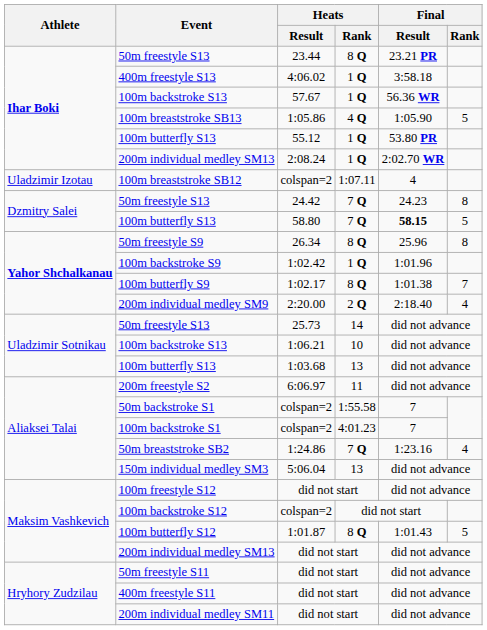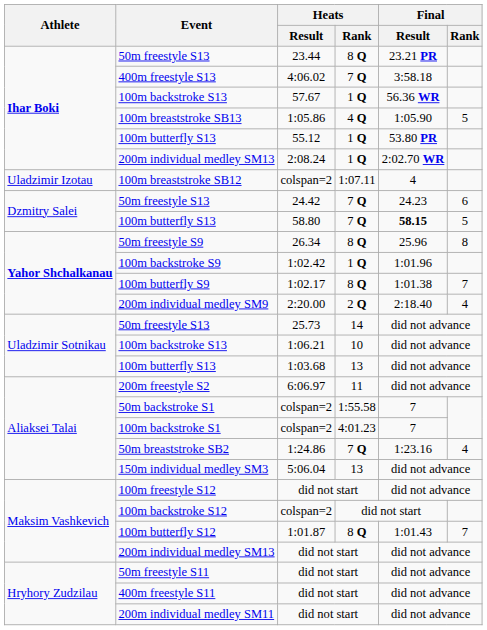 <table class=wikitable style="font-size:90%">
 <tr>
 <th rowspan="2">Athlete</th>
 <th rowspan="2">Event</th>
 <th colspan="2">Heats</th>
 <th colspan="2">Final</th>
 </tr>
 <tr>
 <th>Result</th>
 <th>Rank</th>
 <th>Result</th>
 <th>Rank</th>
 </tr>
 <tr align=center>
 <td align=left rowspan=6><strong><a href='#'>Ihar Boki</a></strong></td>
 <td align=left><a href='#'>50m freestyle S13</a></td>
 <td>23.44</td>
 <td>8 <strong>Q</strong></td>
 <td>23.21 <strong><a href='#'>PR</a></strong></td>
 <td></td>
 </tr>
 <tr align=center>
 <td align=left><a href='#'>400m freestyle S13</a></td>
 <td>4:06.02</td>
-<td>1 <strong>Q</strong></td>
+<td>7 <strong>Q</strong></td>
 <td>3:58.18</td>
 <td></td>
 </tr>
 <tr align=center>
 <td align=left><a href='#'>100m backstroke S13</a></td>
 <td>57.67</td>
 <td>1 <strong>Q</strong></td>
 <td>56.36 <strong><a href='#'>WR</a></strong></td>
 <td></td>
 </tr>
 <tr align=center>
 <td align=left><a href='#'>100m breaststroke SB13</a></td>
 <td>1:05.86</td>
 <td>4 <strong>Q</strong></td>
 <td>1:05.90</td>
 <td>5</td>
 </tr>
 <tr align=center>
 <td align=left><a href='#'>100m butterfly S13</a></td>
 <td>55.12</td>
 <td>1 <strong>Q</strong></td>
 <td>53.80 <strong><a href='#'>PR</a></strong></td>
 <td></td>
 </tr>
 <tr align=center>
 <td align=left><a href='#'>200m individual medley SM13</a></td>
 <td>2:08.24</td>
 <td>1 <strong>Q</strong></td>
 <td>2:02.70 <strong><a href='#'>WR</a></strong></td>
 <td></td>
 </tr>
 <tr align=center>
 <td align=left><a href='#'>Uladzimir Izotau</a></td>
 <td align=left><a href='#'>100m breaststroke SB12</a></td>
 <td>colspan=2 </td>
 <td>1:07.11</td>
 <td>4</td>
 </tr>
 <tr align=center>
 <td align=left rowspan=2><a href='#'>Dzmitry Salei</a></td>
 <td align=left><a href='#'>50m freestyle S13</a></td>
 <td>24.42</td>
 <td>7 <strong>Q</strong></td>
 <td>24.23</td>
-<td>8</td>
+<td>6</td>
 </tr>
 <tr align=center>
 <td align=left><a href='#'>100m butterfly S13</a></td>
 <td>58.80</td>
 <td>7 <strong>Q</strong></td>
 <td><strong>58.15</strong></td>
 <td>5</td>
 </tr>
 <tr align=center>
 <td align=left rowspan=4><strong><a href='#'>Yahor Shchalkanau</a></strong></td>
 <td align=left><a href='#'>50m freestyle S9</a></td>
 <td>26.34</td>
 <td>8 <strong>Q</strong></td>
 <td>25.96</td>
 <td>8</td>
 </tr>
 <tr align=center>
 <td align=left><a href='#'>100m backstroke S9</a></td>
 <td>1:02.42</td>
 <td>1 <strong>Q</strong></td>
 <td>1:01.96</td>
 <td></td>
 </tr>
 <tr align=center>
 <td align=left><a href='#'>100m butterfly S9</a></td>
 <td>1:02.17</td>
 <td>8 <strong>Q</strong></td>
 <td>1:01.38</td>
 <td>7</td>
 </tr>
 <tr align=center>
 <td align=left><a href='#'>200m individual medley SM9</a></td>
 <td>2:20.00</td>
 <td>2 <strong>Q</strong></td>
 <td>2:18.40</td>
 <td>4</td>
 </tr>
 <tr align=center>
 <td align=left rowspan=3><a href='#'>Uladzimir Sotnikau</a></td>
 <td align=left><a href='#'>50m freestyle S13</a></td>
 <td>25.73</td>
 <td>14</td>
 <td colspan=2>did not advance</td>
 </tr>
 <tr align=center>
 <td align=left><a href='#'>100m backstroke S13</a></td>
 <td>1:06.21</td>
 <td>10</td>
 <td colspan=2>did not advance</td>
 </tr>
 <tr align=center>
 <td align=left><a href='#'>100m butterfly S13</a></td>
 <td>1:03.68</td>
 <td>13</td>
 <td colspan=2>did not advance</td>
 </tr>
 <tr align=center>
 <td align=left rowspan=5><a href='#'>Aliaksei Talai</a></td>
 <td align=left><a href='#'>200m freestyle S2</a></td>
 <td>6:06.97</td>
 <td>11</td>
 <td colspan=2>did not advance</td>
 </tr>
 <tr align=center>
 <td align=left><a href='#'>50m backstroke S1</a></td>
 <td>colspan=2 </td>
 <td>1:55.58</td>
 <td>7</td>
 </tr>
 <tr align=center>
 <td align=left><a href='#'>100m backstroke S1</a></td>
 <td>colspan=2 </td>
 <td>4:01.23</td>
 <td>7</td>
 </tr>
 <tr align=center>
 <td align=left><a href='#'>50m breaststroke SB2</a></td>
 <td>1:24.86</td>
 <td>7 <strong>Q</strong></td>
 <td>1:23.16</td>
 <td>4</td>
 </tr>
 <tr align=center>
 <td align=left><a href='#'>150m individual medley SM3</a></td>
 <td>5:06.04</td>
 <td>13</td>
 <td colspan=2>did not advance</td>
 </tr>
 <tr align=center>
 <td align=left rowspan=4><a href='#'>Maksim Vashkevich</a></td>
 <td align=left><a href='#'>100m freestyle S12</a></td>
 <td colspan=2>did not start</td>
 <td colspan=2>did not advance</td>
 </tr>
 <tr align=center>
 <td align=left><a href='#'>100m backstroke S12</a></td>
 <td>colspan=2 </td>
 <td colspan=2>did not start</td>
 </tr>
 <tr align=center>
 <td align=left><a href='#'>100m butterfly S12</a></td>
 <td>1:01.87</td>
 <td>8 <strong>Q</strong></td>
 <td>1:01.43</td>
-<td>5</td>
+<td>7</td>
 </tr>
 <tr align=center>
 <td align=left><a href='#'>200m individual medley SM13</a></td>
 <td colspan=2>did not start</td>
 <td colspan=2>did not advance</td>
 </tr>
 <tr align=center>
 <td align=left rowspan=3><a href='#'>Hryhory Zudzilau</a></td>
 <td align=left><a href='#'>50m freestyle S11</a></td>
 <td colspan=2>did not start</td>
 <td colspan=2>did not advance</td>
 </tr>
 <tr align=center>
 <td align=left><a href='#'>400m freestyle S11</a></td>
 <td colspan=2>did not start</td>
 <td colspan=2>did not advance</td>
 </tr>
 <tr align=center>
 <td align=left><a href='#'>200m individual medley SM11</a></td>
 <td colspan=2>did not start</td>
 <td colspan=2>did not advance</td>
 </tr>
 </table>
